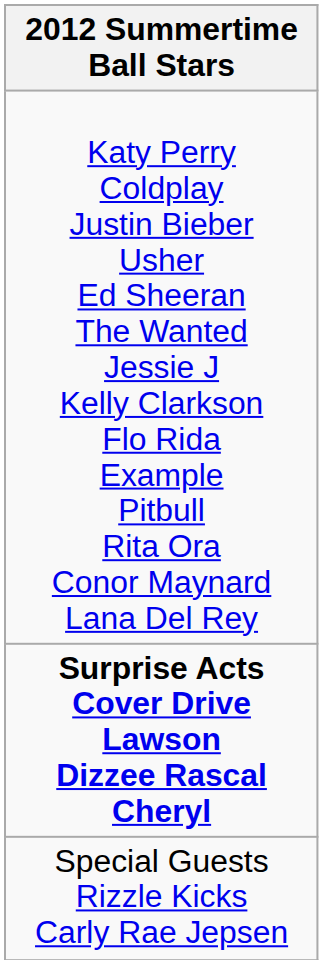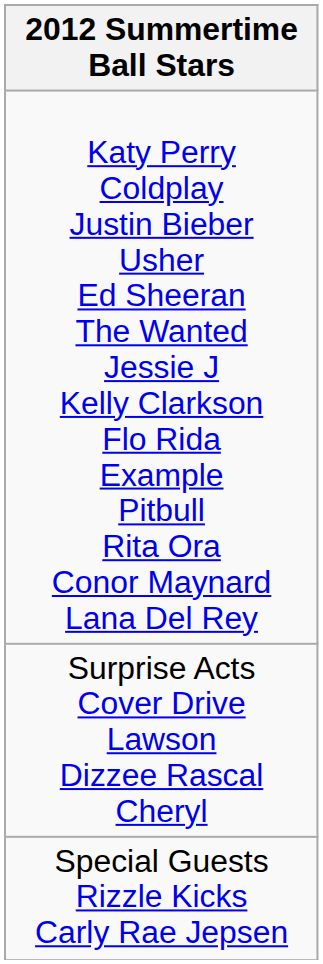 <table class="wikitable">
 <tr>
 <th>2012 Summertime Ball Stars</th>
 </tr>
 <tr>
 <td style="text-align:center; vertical-align:top; width:150px;"><br><a href='#'>Katy Perry</a> <br><a href='#'>Coldplay</a> <br><a href='#'>Justin Bieber</a> <br><a href='#'>Usher</a> <br><a href='#'>Ed Sheeran</a> <br><a href='#'>The Wanted</a> <br><a href='#'>Jessie J</a> <br><a href='#'>Kelly Clarkson</a> <br><a href='#'>Flo Rida</a> <br><a href='#'>Example</a> <br><a href='#'>Pitbull</a> <br><a href='#'>Rita Ora</a> <br><a href='#'>Conor Maynard</a> <br><a href='#'>Lana Del Rey</a></td>
 </tr>
 <tr>
-<td style="text-align:center; vertical-align:top; width:150px;"><strong>Surprise Acts<br><a href='#'>Cover Drive</a> <br><a href='#'>Lawson</a> <br><a href='#'>Dizzee Rascal</a> <br><a href='#'>Cheryl</a></strong></td>
+<td style="text-align:center; vertical-align:top; width:150px;">Surprise Acts<br><a href='#'>Cover Drive</a> <br><a href='#'>Lawson</a> <br><a href='#'>Dizzee Rascal</a> <br><a href='#'>Cheryl</a></td>
 </tr>
 <tr>
 <td style="text-align:center; vertical-align:top; width:150px;">Special Guests<br><a href='#'>Rizzle Kicks</a> <br><a href='#'>Carly Rae Jepsen</a></td>
 </tr>
 </table>
